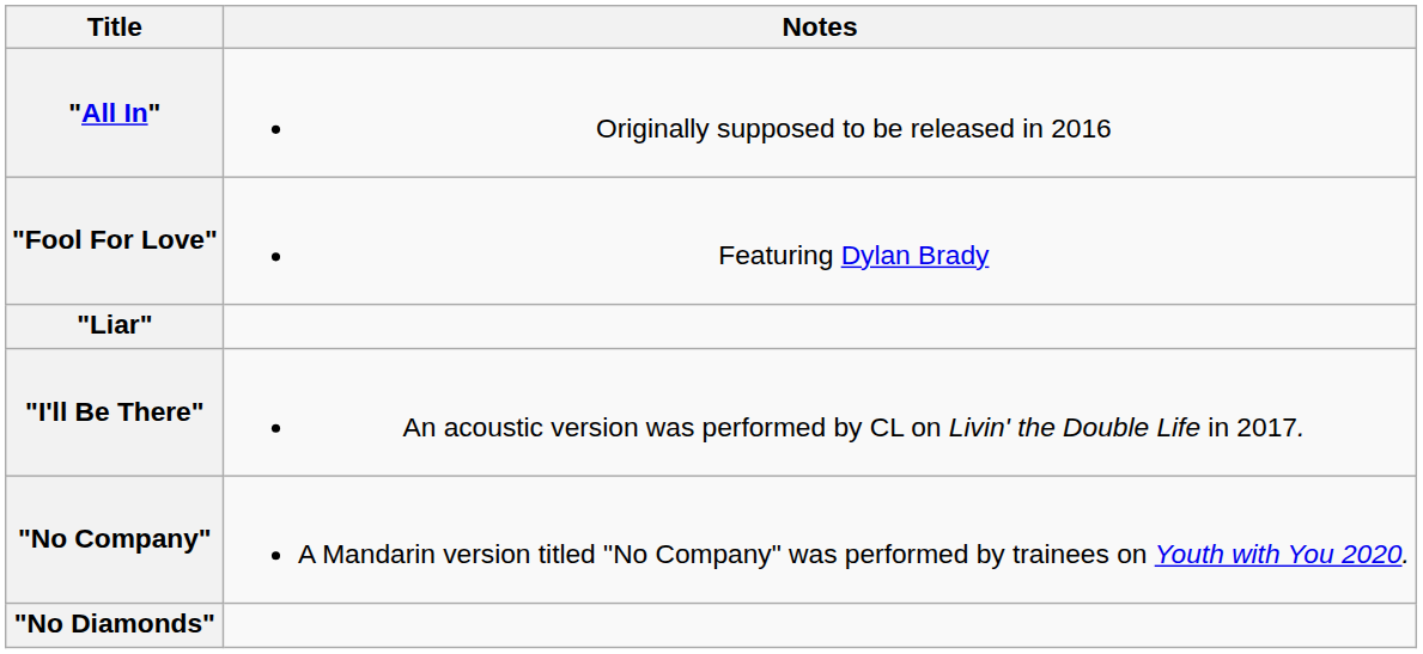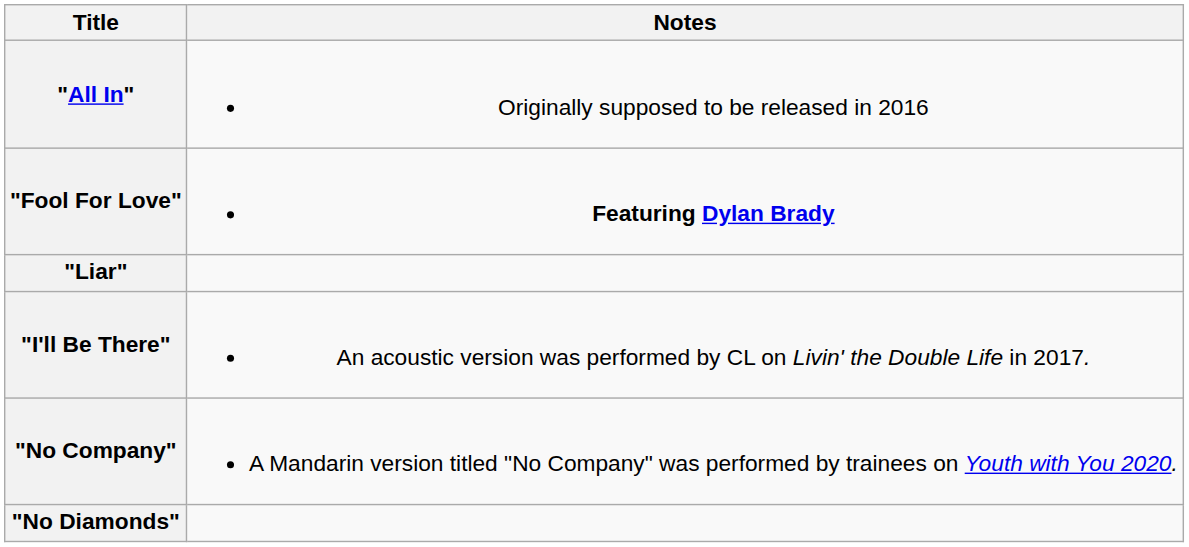 <table class="wikitable plainrowheaders" style="text-align:center;" border="1">
 <tr>
 <th scope="col">Title</th>
 <th scope="col">Notes</th>
 </tr>
 <tr>
 <th scope="row">"<a href='#'>All In</a>"</th>
 <td><br><ul><li>Originally supposed to be released in 2016</li></ul></td>
 </tr>
 <tr>
 <th scope="row">"Fool For Love"</th>
-<td><br><ul><li>Featuring <a href='#'>Dylan Brady</a></li></ul></td>
+<td><strong><br><ul><li>Featuring <a href='#'>Dylan Brady</a></li></ul></strong></td>
 </tr>
 <tr>
 <th scope="row">"Liar"</th>
 <td></td>
 </tr>
 <tr>
 <th scope="row">"I'll Be There"</th>
 <td><br><ul><li>An acoustic version was performed by CL on <em>Livin' the Double Life</em> in 2017<em>.</em></li></ul></td>
 </tr>
 <tr>
 <th scope="row">"No Company"</th>
 <td><br><ul><li>A Mandarin version titled "No Company" was performed by trainees on <em><a href='#'>Youth with You 2020</a>.</em></li></ul></td>
 </tr>
 <tr>
 <th scope="row">"No Diamonds"</th>
 <td></td>
 </tr>
 </table>
